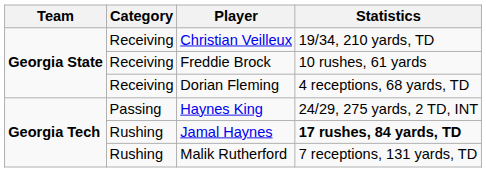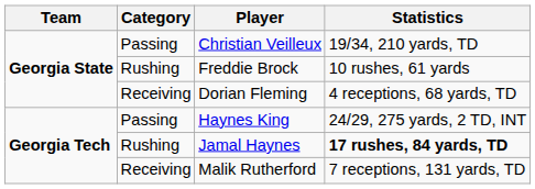 <table class="wikitable" style="float: right;">
 <tr>
 <th>Team</th>
 <th>Category</th>
 <th>Player</th>
 <th>Statistics</th>
 </tr>
 <tr>
 <td rowspan=3><strong>Georgia State</strong></td>
-<td>Receiving</td>
+<td>Passing</td>
 <td><a href='#'>Christian Veilleux</a></td>
 <td>19/34, 210 yards, TD</td>
 </tr>
 <tr>
-<td>Receiving</td>
+<td>Rushing</td>
 <td>Freddie Brock</td>
 <td>10 rushes, 61 yards</td>
 </tr>
 <tr>
 <td>Receiving</td>
 <td>Dorian Fleming</td>
 <td>4 receptions, 68 yards, TD</td>
 </tr>
 <tr>
 <td rowspan=3><strong>Georgia Tech</strong></td>
 <td>Passing</td>
 <td><a href='#'>Haynes King</a></td>
 <td>24/29, 275 yards, 2 TD, INT</td>
 </tr>
 <tr>
 <td>Rushing</td>
 <td><a href='#'>Jamal Haynes</a></td>
 <td><strong>17 rushes, 84 yards, TD</strong></td>
 </tr>
 <tr>
-<td>Rushing</td>
+<td>Receiving</td>
 <td>Malik Rutherford</td>
 <td>7 receptions, 131 yards, TD</td>
 </tr>
 </table>
